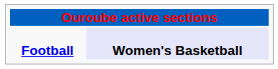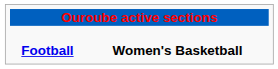 <table class="infobox" style="width: 20em; font-size: 95%em;">
 <tr style="color:#ff0000; background:#0060BF; text-align:center;">
 <th colspan="3">Ouroube active sections</th>
 </tr>
 <tr style="text-align: center">
 <td><br><strong><a href='#'>Football</a></strong></td>
-<td style="background: lavender;"><br><strong>Women's Basketball</strong></td>
+<td><br><strong>Women's Basketball</strong></td>
 </tr>
 </table>
